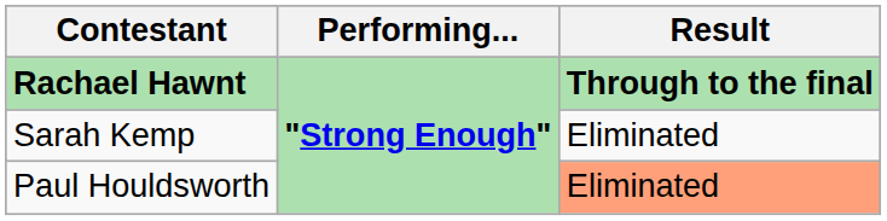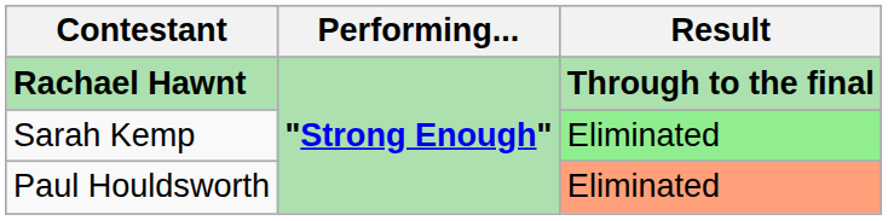 <table class="wikitable">
 <tr>
 <th>Contestant</th>
 <th>Performing...</th>
 <th>Result</th>
 </tr>
 <tr>
 <td style="background:#ACE1AF;"><strong>Rachael Hawnt</strong></td>
 <td style="background:#ACE1AF;"rowspan="3"><strong>"<a href='#'>Strong Enough</a>"</strong></td>
 <td style="background:#ACE1AF;"><strong>Through to the final</strong></td>
 </tr>
 <tr>
 <td>Sarah Kemp</td>
-<td>Eliminated</td>
+<td style="background: lightgreen;">Eliminated</td>
 </tr>
 <tr>
 <td>Paul Houldsworth</td>
 <td style="background: lightsalmon;">Eliminated</td>
 </tr>
 </table>
